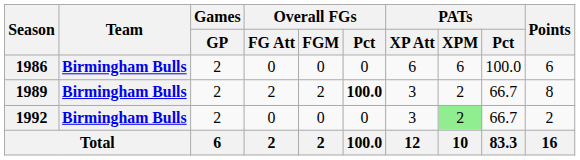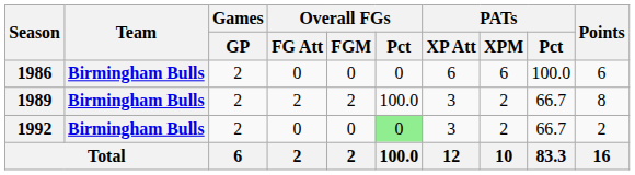 <table class=wikitable style="text-align:center;">
 <tr>
 <th rowspan=2>Season</th>
 <th rowspan=2>Team</th>
 <th>Games</th>
 <th colspan=3>Overall FGs</th>
 <th colspan=3>PATs</th>
 <th rowspan=2>Points</th>
 </tr>
 <tr>
 <th>GP</th>
 <th>FG Att</th>
 <th>FGM</th>
 <th>Pct</th>
 <th>XP Att</th>
 <th>XPM</th>
 <th>Pct</th>
 </tr>
 <tr>
 <th>1986</th>
 <th><a href='#'>Birmingham Bulls</a></th>
 <td>2</td>
 <td>0</td>
 <td>0</td>
 <td>0</td>
 <td>6</td>
 <td>6</td>
 <td>100.0</td>
 <td>6</td>
 </tr>
 <tr>
 <th>1989</th>
 <th><a href='#'>Birmingham Bulls</a></th>
 <td>2</td>
 <td>2</td>
 <td>2</td>
-<td><strong>100.0</strong></td>
+<td>100.0</td>
 <td>3</td>
 <td>2</td>
 <td>66.7</td>
 <td>8</td>
 </tr>
 <tr>
 <th>1992</th>
 <th><a href='#'>Birmingham Bulls</a></th>
 <td>2</td>
 <td>0</td>
 <td>0</td>
-<td>0</td>
+<td style="background: lightgreen;">0</td>
 <td>3</td>
-<td style="background: lightgreen;">2</td>
+<td>2</td>
 <td>66.7</td>
 <td>2</td>
 </tr>
 <tr>
 <th colspan=2>Total</th>
 <th>6</th>
 <th>2</th>
 <th>2</th>
 <th>100.0</th>
 <th>12</th>
 <th>10</th>
 <th>83.3</th>
 <th>16</th>
 </tr>
 </table>
